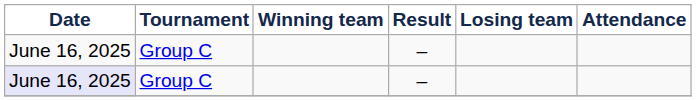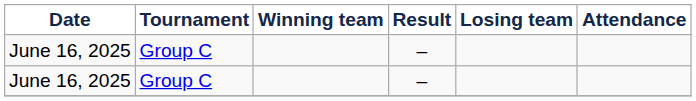 <table class="wikitable">
 <tr>
 <th style="text-align:center; background:#FFFFFF; color:#13284B; ">Date</th>
 <th style="text-align:center; background:#FFFFFF; color:#13284B; ">Tournament</th>
 <th style="text-align:center; background:#FFFFFF; color:#13284B; ">Winning team</th>
 <th style="text-align:center; background:#FFFFFF; color:#13284B; ">Result</th>
 <th style="text-align:center; background:#FFFFFF; color:#13284B; ">Losing team</th>
 <th style="text-align:center; background:#FFFFFF; color:#13284B; ">Attendance</th>
 </tr>
 <tr>
 <td>June 16, 2025</td>
 <td><a href='#'>Group C</a></td>
 <td></td>
 <td align=center>–</td>
 <td></td>
 <td></td>
 </tr>
 <tr>
-<td style="background: lavender;">June 16, 2025</td>
+<td>June 16, 2025</td>
 <td><a href='#'>Group C</a></td>
 <td></td>
 <td align=center>–</td>
 <td></td>
 <td></td>
 </tr>
 <tr>
 </tr>
 </table>
